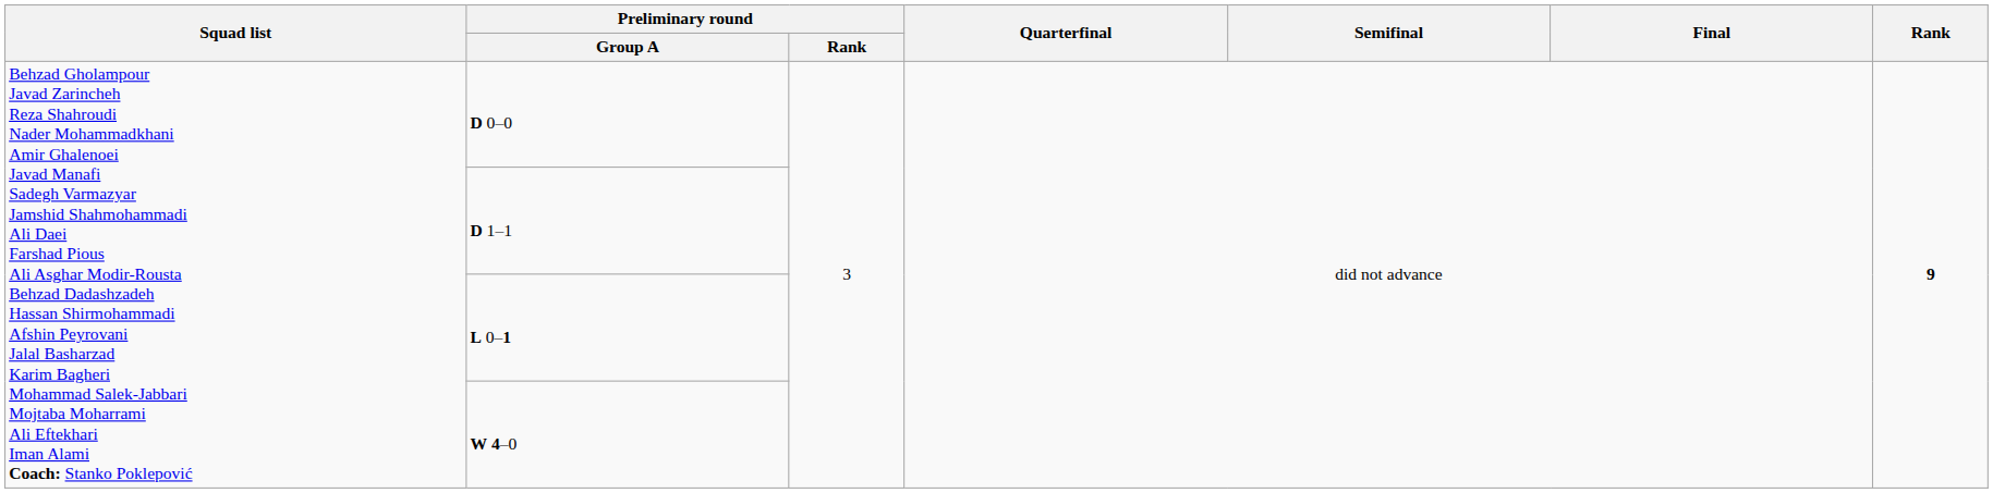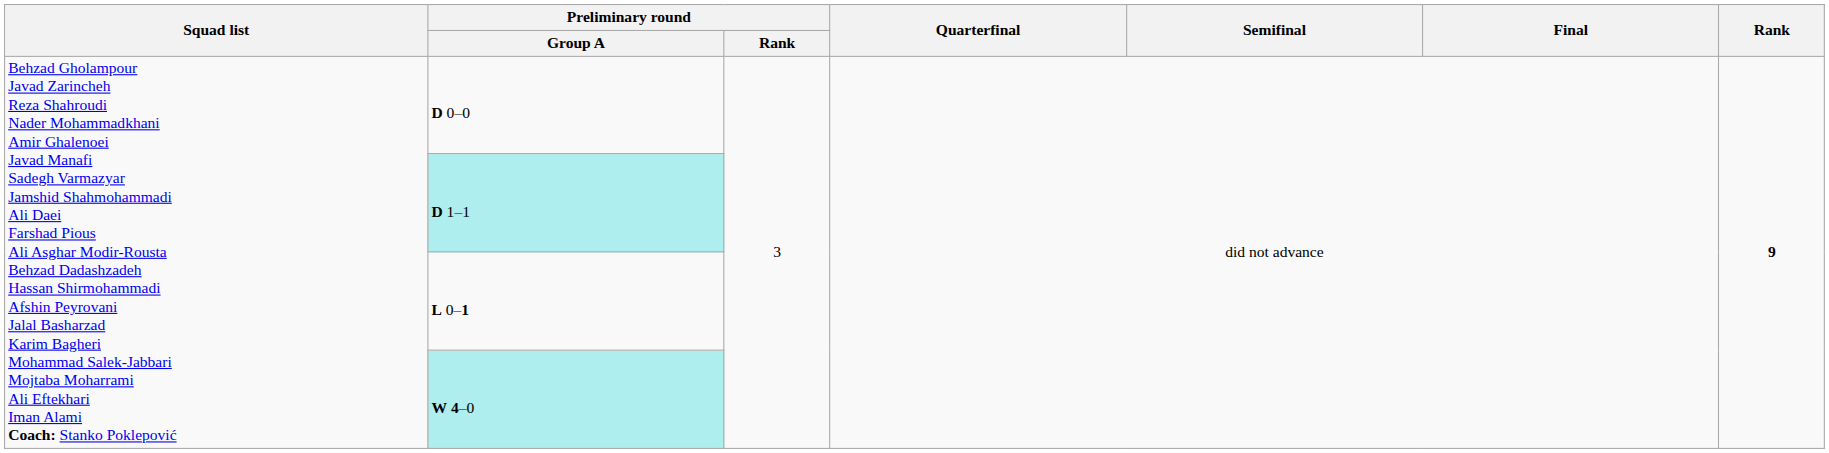 <table class="wikitable" width="85%" style="text-align:left; font-size:90%">
 <tr>
 <th rowspan="2" width="20%">Squad list</th>
 <th colspan="2">Preliminary round</th>
 <th rowspan="2" width="14%">Quarterfinal</th>
 <th rowspan="2" width="14%">Semifinal</th>
 <th rowspan="2" width="14%">Final</th>
 <th rowspan="2" width="5%">Rank</th>
 </tr>
 <tr>
 <th width="14%">Group A</th>
 <th width="5%">Rank</th>
 </tr>
 <tr>
 <td rowspan="4"><a href='#'>Behzad Gholampour</a><br> <a href='#'>Javad Zarincheh</a><br> <a href='#'>Reza Shahroudi</a><br> <a href='#'>Nader Mohammadkhani</a><br> <a href='#'>Amir Ghalenoei</a><br> <a href='#'>Javad Manafi</a><br> <a href='#'>Sadegh Varmazyar</a><br> <a href='#'>Jamshid Shahmohammadi</a><br> <a href='#'>Ali Daei</a><br><a href='#'>Farshad Pious</a><br><a href='#'>Ali Asghar Modir-Rousta</a><br><a href='#'>Behzad Dadashzadeh</a><br><a href='#'>Hassan Shirmohammadi</a><br><a href='#'>Afshin Peyrovani</a><br><a href='#'>Jalal Basharzad</a><br><a href='#'>Karim Bagheri</a><br><a href='#'>Mohammad Salek-Jabbari</a><br><a href='#'>Mojtaba Moharrami</a><br><a href='#'>Ali Eftekhari</a><br><a href='#'>Iman Alami</a><br><strong>Coach:</strong>  <a href='#'>Stanko Poklepović</a></td>
 <td><br><strong>D</strong> 0–0</td>
 <td rowspan="4" align=center>3</td>
 <td rowspan="4" colspan="3" align="center">did not advance</td>
 <td rowspan="4" align="center"><strong>9</strong></td>
 </tr>
 <tr>
-<td><br><strong>D</strong> 1–1</td>
+<td style="background: paleturquoise;"><br><strong>D</strong> 1–1</td>
 </tr>
 <tr>
 <td><br><strong>L</strong> 0–<strong>1</strong></td>
 </tr>
 <tr>
-<td><br><strong>W</strong> <strong>4</strong>–0</td>
+<td style="background: paleturquoise;"><br><strong>W</strong> <strong>4</strong>–0</td>
 </tr>
 </table>
